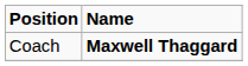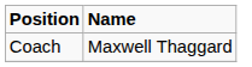 <table class="wikitable">
 <tr>
 <td><strong>Position</strong></td>
 <td><strong>Name</strong></td>
 </tr>
 <tr>
 <td>Coach</td>
-<td><strong> Maxwell Thaggard</strong></td>
+<td> Maxwell Thaggard</td>
 </tr>
 <tr>
 </tr>
 </table>
